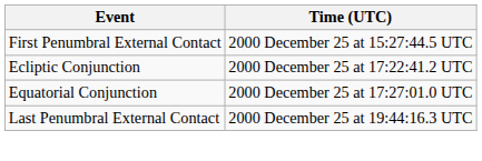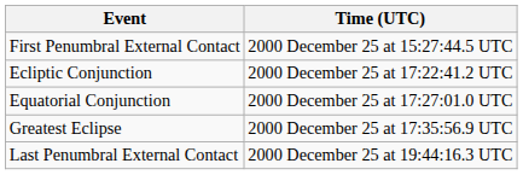 <table class="wikitable">
 <tr>
 <th>Event</th>
 <th>Time (UTC)</th>
 </tr>
 <tr>
 <td>First Penumbral External Contact</td>
 <td>2000 December 25 at 15:27:44.5 UTC</td>
 </tr>
 <tr>
 <td>Ecliptic Conjunction</td>
 <td>2000 December 25 at 17:22:41.2 UTC</td>
 </tr>
 <tr>
 <td>Equatorial Conjunction</td>
 <td>2000 December 25 at 17:27:01.0 UTC</td>
 </tr>
 <tr>
+<td>Greatest Eclipse</td>
+<td>2000 December 25 at 17:35:56.9 UTC</td>
+</tr>
+<tr>
 <td>Last Penumbral External Contact</td>
 <td>2000 December 25 at 19:44:16.3 UTC</td>
 </tr>
 </table>
